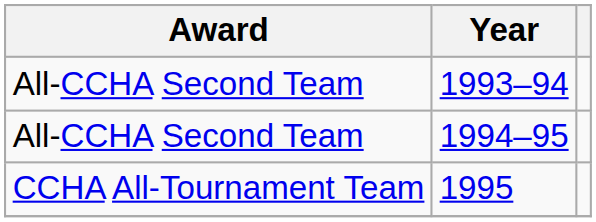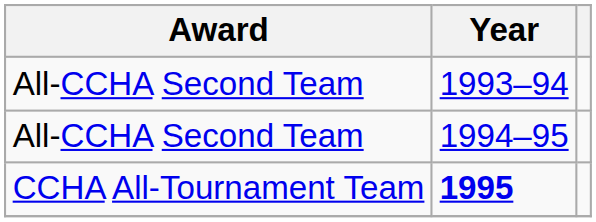 <table class="wikitable">
 <tr>
 <th>Award</th>
 <th>Year</th>
 <th></th>
 </tr>
 <tr>
 <td>All-<a href='#'>CCHA</a> <a href='#'>Second Team</a></td>
 <td><a href='#'>1993–94</a></td>
 <td></td>
 </tr>
 <tr>
 <td>All-<a href='#'>CCHA</a> <a href='#'>Second Team</a></td>
 <td><a href='#'>1994–95</a></td>
 <td></td>
 </tr>
 <tr>
 <td><a href='#'>CCHA</a> <a href='#'>All-Tournament Team</a></td>
-<td><a href='#'>1995</a></td>
+<td><strong><a href='#'>1995</a></strong></td>
 <td></td>
 </tr>
 <tr>
 </tr>
 </table>
